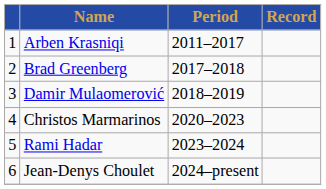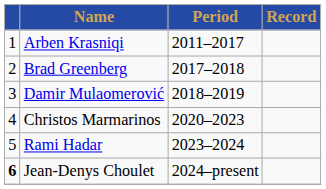 <table class="wikitable">
 <tr>
 <th style="background:#244AA5; color:#D0A650"></th>
 <th style="background:#244AA5; color:#D0A650">Name</th>
 <th style="background:#244AA5; color:#D0A650">Period</th>
 <th style="background:#244AA5; color:#D0A650">Record</th>
 </tr>
 <tr>
 <td align="center">1</td>
 <td> <a href='#'>Arben Krasniqi</a></td>
 <td>2011–2017</td>
 <td align="center"></td>
 </tr>
 <tr>
 <td align="center">2</td>
 <td> <a href='#'>Brad Greenberg</a></td>
 <td>2017–2018</td>
 <td align="center"></td>
 </tr>
 <tr>
 <td align="center">3</td>
 <td> <a href='#'>Damir Mulaomerović</a></td>
 <td>2018–2019</td>
 <td align="center"></td>
 </tr>
 <tr>
 <td align="center">4</td>
 <td> Christos Marmarinos</td>
 <td>2020–2023</td>
 <td align="center"></td>
 </tr>
 <tr>
 <td align="center">5</td>
 <td> <a href='#'>Rami Hadar</a></td>
 <td>2023–2024</td>
 <td align="center"></td>
 </tr>
 <tr>
-<td align="center">6</td>
+<td align="center"><strong>6</strong></td>
 <td> Jean-Denys Choulet</td>
 <td>2024–present</td>
 <td align="center"></td>
 </tr>
 <tr>
 </tr>
 </table>
